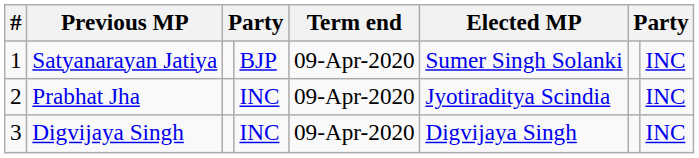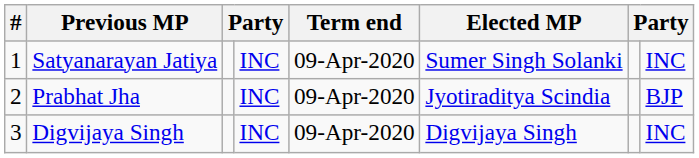 <table class="wikitable sortable">
 <tr>
 <th>#</th>
 <th>Previous MP</th>
 <th colspan="2">Party</th>
 <th>Term end</th>
 <th>Elected MP</th>
 <th colspan="2">Party</th>
 </tr>
 <tr>
 <td>1</td>
 <td><a href='#'>Satyanarayan Jatiya</a></td>
 <td></td>
-<td><a href='#'>BJP</a></td>
+<td><a href='#'>INC</a></td>
 <td>09-Apr-2020</td>
 <td><a href='#'>Sumer Singh Solanki</a></td>
 <td width="1px"></td>
 <td><a href='#'>INC</a></td>
 </tr>
 <tr>
 <td>2</td>
 <td><a href='#'>Prabhat Jha</a></td>
 <td></td>
 <td><a href='#'>INC</a></td>
 <td>09-Apr-2020</td>
 <td><a href='#'>Jyotiraditya Scindia</a></td>
 <td width="1px"></td>
-<td><a href='#'>INC</a></td>
+<td><a href='#'>BJP</a></td>
 </tr>
 <tr>
 <td>3</td>
 <td><a href='#'>Digvijaya Singh</a></td>
 <td></td>
 <td><a href='#'>INC</a></td>
 <td>09-Apr-2020</td>
 <td><a href='#'>Digvijaya Singh</a></td>
 <td width="1px"></td>
 <td><a href='#'>INC</a></td>
 </tr>
 </table>
